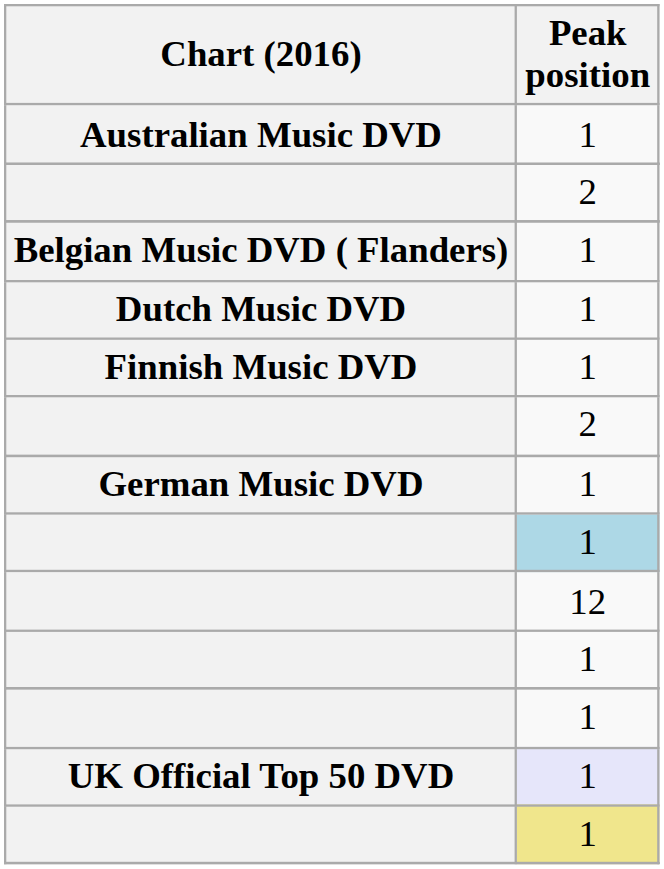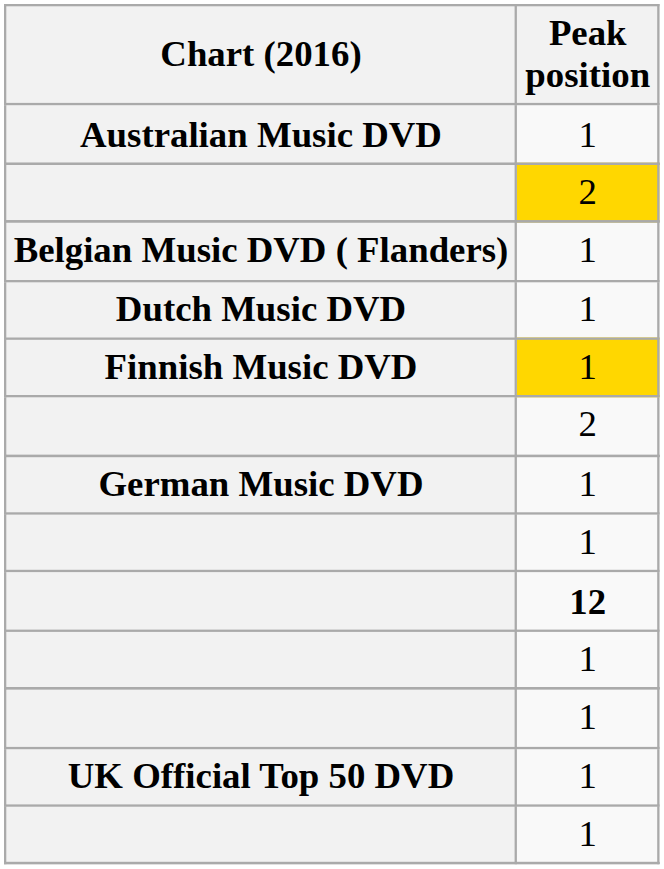 <table class = "wikitable sortable plainrowheaders" style="text-align:center">
 <tr>
 <th scope="col">Chart (2016)</th>
 <th scope="col">Peak<br> position</th>
 </tr>
 <tr>
 <th scope="row">Australian Music DVD </th>
 <td>1</td>
 </tr>
 <tr>
 </tr>
 <tr>
 <th scope="row"></th>
-<td>2</td>
+<td style="background: gold;">2</td>
 </tr>
 <tr>
 </tr>
 <tr>
 <th scope="row">Belgian Music DVD ( Flanders)</th>
 <td>1</td>
 </tr>
 <tr>
 <th scope="row">Dutch Music DVD </th>
 <td>1</td>
 </tr>
 <tr>
 <th scope="row">Finnish Music DVD </th>
-<td>1</td>
+<td style="background: gold;">1</td>
 </tr>
 <tr>
 <th scope="row"></th>
 <td>2</td>
 </tr>
 <tr>
 </tr>
 <tr>
 <th scope="row">German Music DVD </th>
 <td>1</td>
 </tr>
 <tr>
 <th scope="row"></th>
-<td style="background: lightblue;">1</td>
+<td>1</td>
 </tr>
 <tr>
 <th scope="row"></th>
-<td>12</td>
+<td><strong>12</strong></td>
 </tr>
 <tr>
 <th scope="row"></th>
 <td>1</td>
 </tr>
 <tr>
 </tr>
 <tr>
 <th scope="row"></th>
 <td>1</td>
 </tr>
 <tr>
 <th scope="row">UK Official Top 50 DVD </th>
-<td style="background: lavender;">1</td>
+<td>1</td>
 </tr>
 <tr>
 <th scope="row"></th>
-<td style="background: khaki;">1</td>
+<td>1</td>
 </tr>
 <tr>
 </tr>
 </table>
